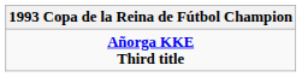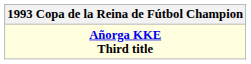 <table class=wikitable style="text-align:center; margin:auto">
 <tr>
 <th>1993 Copa de la Reina de Fútbol Champion</th>
 </tr>
 <tr>
-<td> <strong><a href='#'>Añorga KKE</a></strong> <br> <strong>Third title</strong></td>
+<td style="background: lightyellow;"> <strong><a href='#'>Añorga KKE</a></strong> <br> <strong>Third title</strong></td>
 </tr>
 </table>
